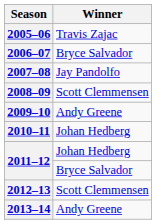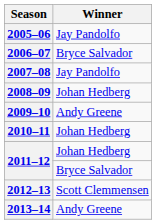 <table class="wikitable">
 <tr>
 <th scope="col">Season</th>
 <th scope="col">Winner</th>
 </tr>
 <tr>
 <th scope="row"><a href='#'>2005–06</a></th>
-<td><a href='#'>Travis Zajac</a></td>
+<td><a href='#'>Jay Pandolfo</a></td>
 </tr>
 <tr>
 <th scope="row"><a href='#'>2006–07</a></th>
 <td><a href='#'>Bryce Salvador</a></td>
 </tr>
 <tr>
 <th scope="row"><a href='#'>2007–08</a></th>
 <td><a href='#'>Jay Pandolfo</a></td>
 </tr>
 <tr>
 <th scope="row"><a href='#'>2008–09</a></th>
-<td><a href='#'>Scott Clemmensen</a></td>
+<td><a href='#'>Johan Hedberg</a></td>
 </tr>
 <tr>
 <th scope="row"><a href='#'>2009–10</a></th>
 <td><a href='#'>Andy Greene</a></td>
 </tr>
 <tr>
 <th scope="row"><a href='#'>2010–11</a></th>
 <td><a href='#'>Johan Hedberg</a></td>
 </tr>
 <tr>
 <th scope="row" rowspan="2"><a href='#'>2011–12</a></th>
 <td><a href='#'>Johan Hedberg</a></td>
 </tr>
 <tr>
 <td><a href='#'>Bryce Salvador</a></td>
 </tr>
 <tr>
 <th scope="row"><a href='#'>2012–13</a></th>
 <td><a href='#'>Scott Clemmensen</a></td>
 </tr>
 <tr>
 <th scope="row"><a href='#'>2013–14</a></th>
 <td><a href='#'>Andy Greene</a></td>
 </tr>
 </table>
